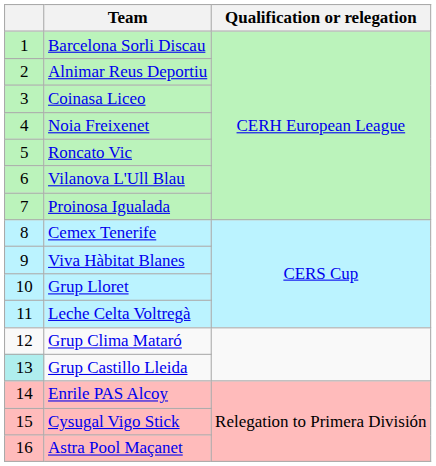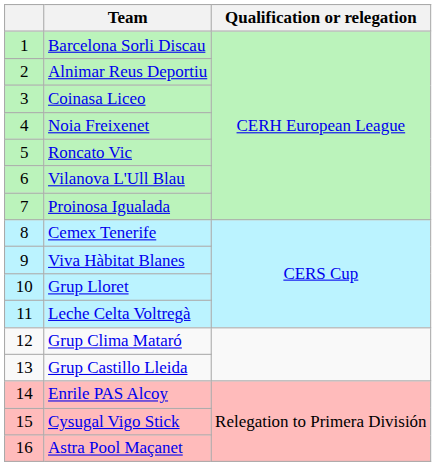 <table class="wikitable" style="text-align:center">
 <tr>
 <th width=30></th>
 <th>Team</th>
 <th>Qualification or relegation</th>
 </tr>
 <tr bgcolor=#BBF3BB>
 <td>1</td>
 <td align=left><a href='#'>Barcelona Sorli Discau</a></td>
 <td rowspan=7><a href='#'>CERH European League</a></td>
 </tr>
 <tr bgcolor=#BBF3BB>
 <td>2</td>
 <td align=left><a href='#'>Alnimar Reus Deportiu</a></td>
 </tr>
 <tr bgcolor=#BBF3BB>
 <td>3</td>
 <td align=left><a href='#'>Coinasa Liceo</a></td>
 </tr>
 <tr bgcolor=#BBF3BB>
 <td>4</td>
 <td align=left><a href='#'>Noia Freixenet</a></td>
 </tr>
 <tr bgcolor=#BBF3BB>
 <td>5</td>
 <td align=left><a href='#'>Roncato Vic</a></td>
 </tr>
 <tr bgcolor=#BBF3BB>
 <td>6</td>
 <td align=left><a href='#'>Vilanova L'Ull Blau</a></td>
 </tr>
 <tr bgcolor=#BBF3BB>
 <td>7</td>
 <td align=left><a href='#'>Proinosa Igualada</a></td>
 </tr>
 <tr bgcolor=#BBF3FF>
 <td>8</td>
 <td align=left><a href='#'>Cemex Tenerife</a></td>
 <td rowspan=4><a href='#'>CERS Cup</a></td>
 </tr>
 <tr bgcolor=#BBF3FF>
 <td>9</td>
 <td align=left><a href='#'>Viva Hàbitat Blanes</a></td>
 </tr>
 <tr bgcolor=#BBF3FF>
 <td>10</td>
 <td align=left><a href='#'>Grup Lloret</a></td>
 </tr>
 <tr bgcolor=#BBF3FF>
 <td>11</td>
 <td align=left><a href='#'>Leche Celta Voltregà</a></td>
 </tr>
 <tr>
 <td>12</td>
 <td align=left><a href='#'>Grup Clima Mataró</a></td>
 <td rowspan=2></td>
 </tr>
 <tr>
-<td style="background: paleturquoise;">13</td>
+<td>13</td>
 <td align=left><a href='#'>Grup Castillo Lleida</a></td>
 </tr>
 <tr bgcolor=#FFBBBB>
 <td>14</td>
 <td align=left><a href='#'>Enrile PAS Alcoy</a></td>
 <td rowspan=3>Relegation to Primera División</td>
 </tr>
 <tr bgcolor=#FFBBBB>
 <td>15</td>
 <td align=left><a href='#'>Cysugal Vigo Stick</a></td>
 </tr>
 <tr bgcolor=#FFBBBB>
 <td>16</td>
 <td align=left><a href='#'>Astra Pool Maçanet</a></td>
 </tr>
 </table>
